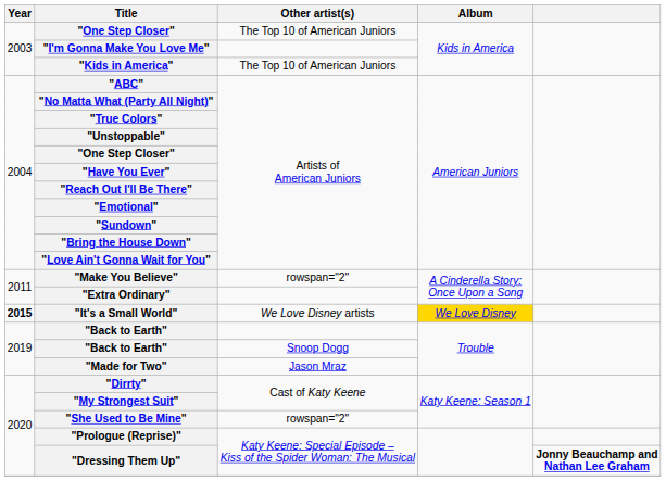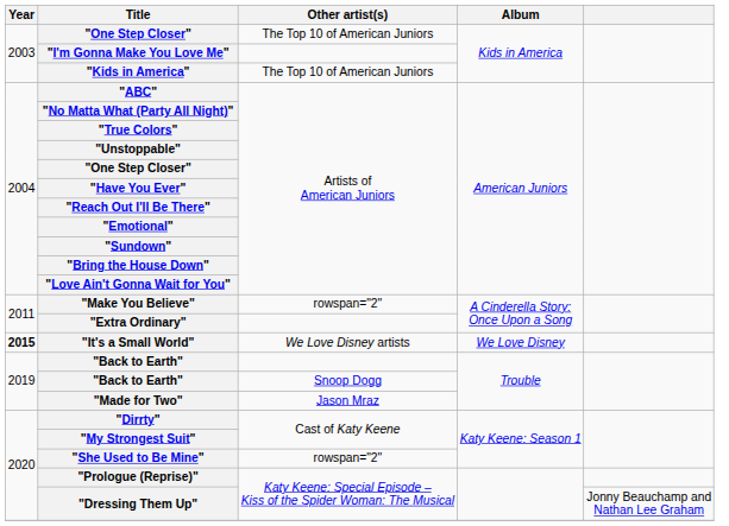 <table class="wikitable plainrowheaders" style="text-align:center;">
 <tr>
 <th scope="col">Year</th>
 <th scope="col" style="width:16em;">Title</th>
 <th scope="col">Other artist(s)</th>
 <th scope="col">Album</th>
 <th></th>
 </tr>
 <tr>
 <td rowspan="3">2003</td>
 <th scope="row">"<a href='#'>One Step Closer</a>"</th>
 <td>The Top 10 of American Juniors</td>
 <td rowspan="3"><em><a href='#'>Kids in America</a></em></td>
 <td rowspan="3"></td>
 </tr>
 <tr>
 <th scope="row">"<a href='#'>I'm Gonna Make You Love Me</a>"</th>
 <td></td>
 </tr>
 <tr>
 <th scope="row">"<a href='#'>Kids in America</a>"</th>
 <td>The Top 10 of American Juniors</td>
 </tr>
 <tr>
 <td rowspan="11">2004</td>
 <th scope="row">"<a href='#'>ABC</a>"</th>
 <td rowspan="11">Artists of <br> <a href='#'>American Juniors</a></td>
 <td rowspan="11"><em><a href='#'>American Juniors</a></em></td>
 <td rowspan="11"></td>
 </tr>
 <tr>
 <th scope="row">"<a href='#'>No Matta What (Party All Night)</a>"</th>
 </tr>
 <tr>
 <th scope="row">"<a href='#'>True Colors</a>"</th>
 </tr>
 <tr>
 <th scope="row">"Unstoppable"</th>
 </tr>
 <tr>
 <th scope="row">"One Step Closer"</th>
 </tr>
 <tr>
 <th scope="row">"<a href='#'>Have You Ever</a>"</th>
 </tr>
 <tr>
 <th scope="row">"<a href='#'>Reach Out I'll Be There</a>"</th>
 </tr>
 <tr>
 <th scope="row">"<a href='#'>Emotional</a>"</th>
 </tr>
 <tr>
 <th scope="row">"<a href='#'>Sundown</a>"</th>
 </tr>
 <tr>
 <th scope="row">"<a href='#'>Bring the House Down</a>"</th>
 </tr>
 <tr>
 <th scope="row">"<a href='#'>Love Ain't Gonna Wait for You</a>"</th>
 </tr>
 <tr>
 <td rowspan="2">2011</td>
 <th scope="row">"Make You Believe"</th>
 <td>rowspan="2" </td>
 <td rowspan="2"><em><a href='#'>A Cinderella Story: <br> Once Upon a Song</a></em></td>
 <td rowspan="2"></td>
 </tr>
 <tr>
 <th scope="row">"Extra Ordinary"</th>
 </tr>
 <tr>
 <td><strong>2015</strong></td>
 <th scope="row">"It's a Small World"</th>
 <td><em>We Love Disney</em> artists</td>
-<td style="background: gold;"><em><a href='#'>We Love Disney</a></em></td>
+<td><em><a href='#'>We Love Disney</a></em></td>
 <td></td>
 </tr>
 <tr>
 <td rowspan="3">2019</td>
 <th scope="row">"Back to Earth"</th>
 <td></td>
 <td rowspan="3"><em><a href='#'>Trouble</a></em></td>
 <td rowspan="3"></td>
 </tr>
 <tr>
 <th scope="row">"Back to Earth" </th>
 <td><a href='#'>Snoop Dogg</a></td>
 </tr>
 <tr>
 <th scope="row">"Made for Two"</th>
 <td><a href='#'>Jason Mraz</a></td>
 </tr>
 <tr>
 <td rowspan="5">2020</td>
 <th scope="row">"<a href='#'>Dirrty</a>"</th>
 <td rowspan="2">Cast of <em>Katy Keene</em></td>
 <td rowspan="3"><em><a href='#'>Katy Keene: Season 1</a></em></td>
 <td rowspan="3"></td>
 </tr>
 <tr>
 <th scope="row">"<a href='#'>My Strongest Suit</a>"</th>
 </tr>
 <tr>
 <th scope="row">"<a href='#'>She Used to Be Mine</a>"</th>
 <td>rowspan="2" </td>
 </tr>
 <tr>
 <th scope="row">"Prologue (Reprise)"</th>
 <td rowspan="2"><em><a href='#'>Katy Keene: Special Episode – <br> Kiss of the Spider Woman: The Musical</a></em></td>
 <td rowspan="2"></td>
 </tr>
 <tr>
 <th scope="row">"Dressing Them Up"</th>
-<td><strong>Jonny Beauchamp and <br> <a href='#'>Nathan Lee Graham</a></strong></td>
+<td>Jonny Beauchamp and <br> <a href='#'>Nathan Lee Graham</a></td>
 </tr>
 <tr>
 </tr>
 </table>
